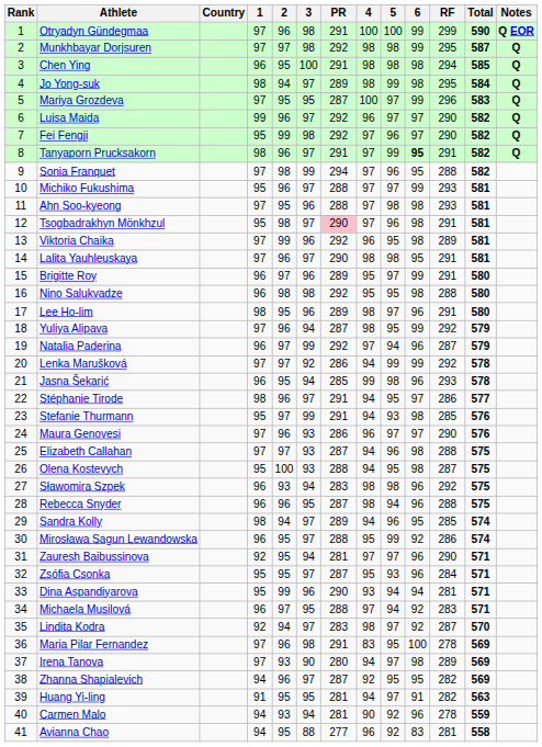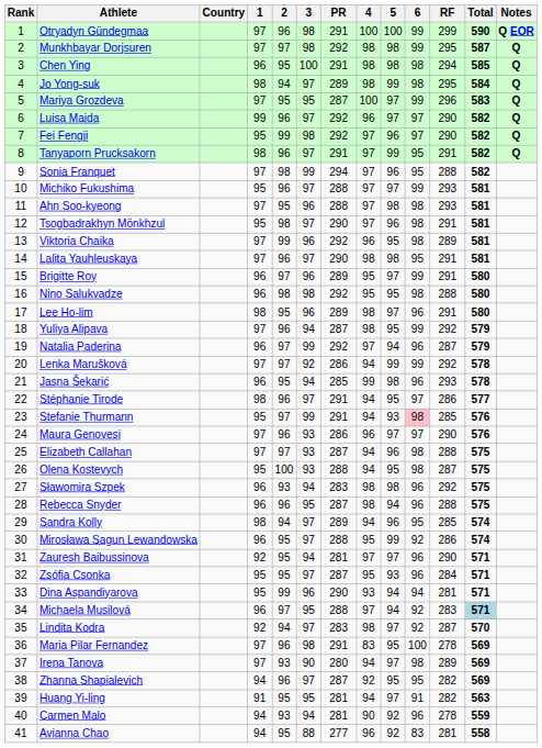 <table class="wikitable sortable" style="text-align:center">
 <tr>
 <th>Rank</th>
 <th>Athlete</th>
 <th>Country</th>
 <th class="unsortable" style="width: 28px">1</th>
 <th class="unsortable" style="width: 28px">2</th>
 <th class="unsortable" style="width: 28px">3</th>
 <th style="width: 44px">PR</th>
 <th class="unsortable" style="width: 28px">4</th>
 <th class="unsortable" style="width: 28px">5</th>
 <th class="unsortable" style="width: 28px">6</th>
 <th style="width: 44px">RF</th>
 <th>Total</th>
 <th class="unsortable">Notes</th>
 </tr>
 <tr bgcolor=#ccffcc>
 <td>1</td>
 <td align="left"><a href='#'>Otryadyn Gündegmaa</a></td>
 <td align="left"></td>
 <td>97</td>
 <td>96</td>
 <td>98</td>
 <td>291</td>
 <td>100</td>
 <td>100</td>
 <td>99</td>
 <td>299</td>
 <td><strong>590</strong></td>
 <td><strong>Q</strong> <strong><a href='#'>EOR</a></strong></td>
 </tr>
 <tr bgcolor=#ccffcc>
 <td>2</td>
 <td align="left"><a href='#'>Munkhbayar Dorjsuren</a></td>
 <td align="left"></td>
 <td>97</td>
 <td>97</td>
 <td>98</td>
 <td>292</td>
 <td>98</td>
 <td>98</td>
 <td>99</td>
 <td>295</td>
 <td><strong>587</strong></td>
 <td><strong>Q</strong></td>
 </tr>
 <tr bgcolor=#ccffcc>
 <td>3</td>
 <td align="left"><a href='#'>Chen Ying</a></td>
 <td align="left"></td>
 <td>96</td>
 <td>95</td>
 <td>100</td>
 <td>291</td>
 <td>98</td>
 <td>98</td>
 <td>98</td>
 <td>294</td>
 <td><strong>585</strong></td>
 <td><strong>Q</strong></td>
 </tr>
 <tr bgcolor=#ccffcc>
 <td>4</td>
 <td align="left"><a href='#'>Jo Yong-suk</a></td>
 <td align="left"></td>
 <td>98</td>
 <td>94</td>
 <td>97</td>
 <td>289</td>
 <td>98</td>
 <td>99</td>
 <td>98</td>
 <td>295</td>
 <td><strong>584</strong></td>
 <td><strong>Q</strong></td>
 </tr>
 <tr bgcolor=#ccffcc>
 <td>5</td>
 <td align="left"><a href='#'>Mariya Grozdeva</a></td>
 <td align="left"></td>
 <td>97</td>
 <td>95</td>
 <td>95</td>
 <td>287</td>
 <td>100</td>
 <td>97</td>
 <td>99</td>
 <td>296</td>
 <td><strong>583</strong></td>
 <td><strong>Q</strong></td>
 </tr>
 <tr bgcolor=#ccffcc>
 <td>6</td>
 <td align="left"><a href='#'>Luisa Maida</a></td>
 <td align="left"></td>
 <td>99</td>
 <td>96</td>
 <td>97</td>
 <td>292</td>
 <td>96</td>
 <td>97</td>
 <td>97</td>
 <td>290</td>
 <td><strong>582</strong></td>
 <td><strong>Q</strong></td>
 </tr>
 <tr bgcolor=#ccffcc>
 <td>7</td>
 <td align="left"><a href='#'>Fei Fengji</a></td>
 <td align="left"></td>
 <td>95</td>
 <td>99</td>
 <td>98</td>
 <td>292</td>
 <td>97</td>
 <td>96</td>
 <td>97</td>
 <td>290</td>
 <td><strong>582</strong></td>
 <td><strong>Q</strong></td>
 </tr>
 <tr bgcolor=#ccffcc>
 <td>8</td>
 <td align="left"><a href='#'>Tanyaporn Prucksakorn</a></td>
 <td align="left"></td>
 <td>98</td>
 <td>96</td>
 <td>97</td>
 <td>291</td>
 <td>97</td>
 <td>99</td>
-<td><strong>95</strong></td>
+<td>95</td>
 <td>291</td>
 <td><strong>582</strong></td>
 <td><strong>Q</strong></td>
 </tr>
 <tr>
 <td>9</td>
 <td align="left"><a href='#'>Sonia Franquet</a></td>
 <td align="left"></td>
 <td>97</td>
 <td>98</td>
 <td>99</td>
 <td>294</td>
 <td>97</td>
 <td>96</td>
 <td>95</td>
 <td>288</td>
 <td><strong>582</strong></td>
 <td></td>
 </tr>
 <tr>
 <td>10</td>
 <td align="left"><a href='#'>Michiko Fukushima</a></td>
 <td align="left"></td>
 <td>95</td>
 <td>96</td>
 <td>97</td>
 <td>288</td>
 <td>97</td>
 <td>97</td>
 <td>99</td>
 <td>293</td>
 <td><strong>581</strong></td>
 <td></td>
 </tr>
 <tr>
 <td>11</td>
 <td align="left"><a href='#'>Ahn Soo-kyeong</a></td>
 <td align="left"></td>
 <td>97</td>
 <td>95</td>
 <td>96</td>
 <td>288</td>
 <td>97</td>
 <td>98</td>
 <td>98</td>
 <td>293</td>
 <td><strong>581</strong></td>
 <td></td>
 </tr>
 <tr>
 <td>12</td>
 <td align="left"><a href='#'>Tsogbadrakhyn Mönkhzul</a></td>
 <td align="left"></td>
 <td>95</td>
 <td>98</td>
 <td>97</td>
-<td style="background: pink;">290</td>
+<td>290</td>
 <td>97</td>
 <td>96</td>
 <td>98</td>
 <td>291</td>
 <td><strong>581</strong></td>
 <td></td>
 </tr>
 <tr>
 <td>13</td>
 <td align="left"><a href='#'>Viktoria Chaika</a></td>
 <td align="left"></td>
 <td>97</td>
 <td>99</td>
 <td>96</td>
 <td>292</td>
 <td>96</td>
 <td>95</td>
 <td>98</td>
 <td>289</td>
 <td><strong>581</strong></td>
 <td></td>
 </tr>
 <tr>
 <td>14</td>
 <td align="left"><a href='#'>Lalita Yauhleuskaya</a></td>
 <td align="left"></td>
 <td>97</td>
 <td>96</td>
 <td>97</td>
 <td>290</td>
 <td>98</td>
 <td>98</td>
 <td>95</td>
 <td>291</td>
 <td><strong>581</strong></td>
 <td></td>
 </tr>
 <tr>
 <td>15</td>
 <td align="left"><a href='#'>Brigitte Roy</a></td>
 <td align="left"></td>
 <td>96</td>
 <td>97</td>
 <td>96</td>
 <td>289</td>
 <td>95</td>
 <td>97</td>
 <td>99</td>
 <td>291</td>
 <td><strong>580</strong></td>
 <td></td>
 </tr>
 <tr>
 <td>16</td>
 <td align="left"><a href='#'>Nino Salukvadze</a></td>
 <td align="left"></td>
 <td>96</td>
 <td>98</td>
 <td>98</td>
 <td>292</td>
 <td>95</td>
 <td>95</td>
 <td>98</td>
 <td>288</td>
 <td><strong>580</strong></td>
 <td></td>
 </tr>
 <tr>
 <td>17</td>
 <td align="left"><a href='#'>Lee Ho-lim</a></td>
 <td align="left"></td>
 <td>98</td>
 <td>95</td>
 <td>96</td>
 <td>289</td>
 <td>98</td>
 <td>97</td>
 <td>96</td>
 <td>291</td>
 <td><strong>580</strong></td>
 <td></td>
 </tr>
 <tr>
 <td>18</td>
 <td align="left"><a href='#'>Yuliya Alipava</a></td>
 <td align="left"></td>
 <td>97</td>
 <td>96</td>
 <td>94</td>
 <td>287</td>
 <td>98</td>
 <td>95</td>
 <td>99</td>
 <td>292</td>
 <td><strong>579</strong></td>
 <td></td>
 </tr>
 <tr>
 <td>19</td>
 <td align="left"><a href='#'>Natalia Paderina</a></td>
 <td align="left"></td>
 <td>96</td>
 <td>97</td>
 <td>99</td>
 <td>292</td>
 <td>97</td>
 <td>94</td>
 <td>96</td>
 <td>287</td>
 <td><strong>579</strong></td>
 <td></td>
 </tr>
 <tr>
 <td>20</td>
 <td align="left"><a href='#'>Lenka Marušková</a></td>
 <td align="left"></td>
 <td>97</td>
 <td>97</td>
 <td>92</td>
 <td>286</td>
 <td>94</td>
 <td>99</td>
 <td>99</td>
 <td>292</td>
 <td><strong>578</strong></td>
 <td></td>
 </tr>
 <tr>
 <td>21</td>
 <td align="left"><a href='#'>Jasna Šekarić</a></td>
 <td align="left"></td>
 <td>96</td>
 <td>95</td>
 <td>94</td>
 <td>285</td>
 <td>99</td>
 <td>98</td>
 <td>96</td>
 <td>293</td>
 <td><strong>578</strong></td>
 <td></td>
 </tr>
 <tr>
 <td>22</td>
 <td align="left"><a href='#'>Stéphanie Tirode</a></td>
 <td align="left"></td>
 <td>98</td>
 <td>96</td>
 <td>97</td>
 <td>291</td>
 <td>94</td>
 <td>95</td>
 <td>97</td>
 <td>286</td>
 <td><strong>577</strong></td>
 <td></td>
 </tr>
 <tr>
 <td>23</td>
 <td align="left"><a href='#'>Stefanie Thurmann</a></td>
 <td align="left"></td>
 <td>95</td>
 <td>97</td>
 <td>99</td>
 <td>291</td>
 <td>94</td>
 <td>93</td>
-<td>98</td>
+<td style="background: pink;">98</td>
 <td>285</td>
 <td><strong>576</strong></td>
 <td></td>
 </tr>
 <tr>
 <td>24</td>
 <td align="left"><a href='#'>Maura Genovesi</a></td>
 <td align="left"></td>
 <td>97</td>
 <td>96</td>
 <td>93</td>
 <td>286</td>
 <td>96</td>
 <td>97</td>
 <td>97</td>
 <td>290</td>
 <td><strong>576</strong></td>
 <td></td>
 </tr>
 <tr>
 <td>25</td>
 <td align="left"><a href='#'>Elizabeth Callahan</a></td>
 <td align="left"></td>
 <td>97</td>
 <td>97</td>
 <td>93</td>
 <td>287</td>
 <td>94</td>
 <td>96</td>
 <td>98</td>
 <td>288</td>
 <td><strong>575</strong></td>
 <td></td>
 </tr>
 <tr>
 <td>26</td>
 <td align="left"><a href='#'>Olena Kostevych</a></td>
 <td align="left"></td>
 <td>95</td>
 <td>100</td>
 <td>93</td>
 <td>288</td>
 <td>94</td>
 <td>95</td>
 <td>98</td>
 <td>287</td>
 <td><strong>575</strong></td>
 <td></td>
 </tr>
 <tr>
 <td>27</td>
 <td align="left"><a href='#'>Sławomira Szpek</a></td>
 <td align="left"></td>
 <td>96</td>
 <td>93</td>
 <td>94</td>
 <td>283</td>
 <td>98</td>
 <td>98</td>
 <td>96</td>
 <td>292</td>
 <td><strong>575</strong></td>
 <td></td>
 </tr>
 <tr>
 <td>28</td>
 <td align="left"><a href='#'>Rebecca Snyder</a></td>
 <td align="left"></td>
 <td>96</td>
 <td>96</td>
 <td>95</td>
 <td>287</td>
 <td>98</td>
 <td>94</td>
 <td>96</td>
 <td>288</td>
 <td><strong>575</strong></td>
 <td></td>
 </tr>
 <tr>
 <td>29</td>
 <td align="left"><a href='#'>Sandra Kolly</a></td>
 <td align="left"></td>
 <td>98</td>
 <td>94</td>
 <td>97</td>
 <td>289</td>
 <td>94</td>
 <td>96</td>
 <td>95</td>
 <td>285</td>
 <td><strong>574</strong></td>
 <td></td>
 </tr>
 <tr>
 <td>30</td>
 <td align="left"><a href='#'>Mirosława Sagun Lewandowska</a></td>
 <td align="left"></td>
 <td>96</td>
 <td>95</td>
 <td>97</td>
 <td>288</td>
 <td>95</td>
 <td>99</td>
 <td>92</td>
 <td>286</td>
 <td><strong>574</strong></td>
 <td></td>
 </tr>
 <tr>
 <td>31</td>
 <td align="left"><a href='#'>Zauresh Baibussinova</a></td>
 <td align="left"></td>
 <td>92</td>
 <td>95</td>
 <td>94</td>
 <td>281</td>
 <td>97</td>
 <td>97</td>
 <td>96</td>
 <td>290</td>
 <td><strong>571</strong></td>
 <td></td>
 </tr>
 <tr>
 <td>32</td>
 <td align="left"><a href='#'>Zsófia Csonka</a></td>
 <td align="left"></td>
 <td>95</td>
 <td>95</td>
 <td>97</td>
 <td>287</td>
 <td>95</td>
 <td>93</td>
 <td>96</td>
 <td>284</td>
 <td><strong>571</strong></td>
 <td></td>
 </tr>
 <tr>
 <td>33</td>
 <td align="left"><a href='#'>Dina Aspandiyarova</a></td>
 <td align="left"></td>
 <td>95</td>
 <td>99</td>
 <td>96</td>
 <td>290</td>
 <td>93</td>
 <td>94</td>
 <td>94</td>
 <td>281</td>
 <td><strong>571</strong></td>
 <td></td>
 </tr>
 <tr>
 <td>34</td>
 <td align="left"><a href='#'>Michaela Musilová</a></td>
 <td align="left"></td>
 <td>96</td>
 <td>97</td>
 <td>95</td>
 <td>288</td>
 <td>97</td>
 <td>94</td>
 <td>92</td>
 <td>283</td>
-<td><strong>571</strong></td>
+<td style="background: lightblue;"><strong>571</strong></td>
 <td></td>
 </tr>
 <tr>
 <td>35</td>
 <td align="left"><a href='#'>Lindita Kodra</a></td>
 <td align="left"></td>
 <td>92</td>
 <td>94</td>
 <td>97</td>
 <td>283</td>
 <td>98</td>
 <td>97</td>
 <td>92</td>
 <td>287</td>
 <td><strong>570</strong></td>
 <td></td>
 </tr>
 <tr>
 <td>36</td>
 <td align="left"><a href='#'>Maria Pilar Fernandez</a></td>
 <td align="left"></td>
 <td>97</td>
 <td>96</td>
 <td>98</td>
 <td>291</td>
 <td>83</td>
 <td>95</td>
 <td>100</td>
 <td>278</td>
 <td><strong>569</strong></td>
 <td></td>
 </tr>
 <tr>
 <td>37</td>
 <td align="left"><a href='#'>Irena Tanova</a></td>
 <td align="left"></td>
 <td>97</td>
 <td>93</td>
 <td>90</td>
 <td>280</td>
 <td>94</td>
 <td>97</td>
 <td>98</td>
 <td>289</td>
 <td><strong>569</strong></td>
 <td></td>
 </tr>
 <tr>
 <td>38</td>
 <td align="left"><a href='#'>Zhanna Shapialevich</a></td>
 <td align="left"></td>
 <td>94</td>
 <td>96</td>
 <td>97</td>
 <td>287</td>
 <td>92</td>
 <td>95</td>
 <td>95</td>
 <td>282</td>
 <td><strong>569</strong></td>
 <td></td>
 </tr>
 <tr>
 <td>39</td>
 <td align="left"><a href='#'>Huang Yi-ling</a></td>
 <td align="left"></td>
 <td>91</td>
 <td>95</td>
 <td>95</td>
 <td>281</td>
 <td>94</td>
 <td>97</td>
 <td>91</td>
 <td>282</td>
 <td><strong>563</strong></td>
 <td></td>
 </tr>
 <tr>
 <td>40</td>
 <td align="left"><a href='#'>Carmen Malo</a></td>
 <td align="left"></td>
 <td>94</td>
 <td>93</td>
 <td>94</td>
 <td>281</td>
 <td>90</td>
 <td>92</td>
 <td>96</td>
 <td>278</td>
 <td><strong>559</strong></td>
 <td></td>
 </tr>
 <tr>
 <td>41</td>
 <td align="left"><a href='#'>Avianna Chao</a></td>
 <td align="left"></td>
 <td>94</td>
 <td>95</td>
 <td>88</td>
 <td>277</td>
 <td>96</td>
 <td>92</td>
 <td>83</td>
 <td>281</td>
 <td><strong>558</strong></td>
 <td></td>
 </tr>
 </table>
